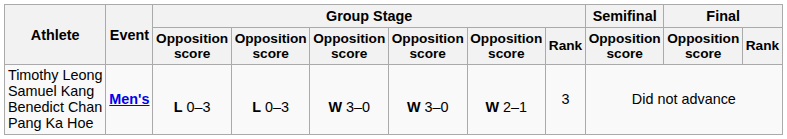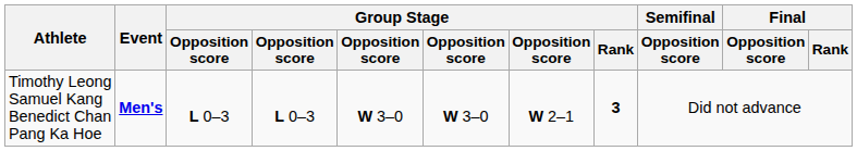 <table class=wikitable style=font-size:90%;text-align:center>
 <tr>
 <th rowspan="2">Athlete</th>
 <th rowspan="2">Event</th>
 <th colspan="6">Group Stage</th>
 <th>Semifinal</th>
 <th colspan="2">Final</th>
 </tr>
 <tr style="font-size:95%">
 <th>Opposition<br>score</th>
 <th>Opposition<br>score</th>
 <th>Opposition<br>score</th>
 <th>Opposition<br>score</th>
 <th>Opposition<br>score</th>
 <th>Rank</th>
 <th>Opposition<br>score</th>
 <th>Opposition<br>score</th>
 <th>Rank</th>
 </tr>
 <tr>
 <td align=left>Timothy Leong<br>Samuel Kang<br>Benedict Chan<br>Pang Ka Hoe</td>
 <td align=left><strong><a href='#'>Men's</a></strong></td>
 <td><br><strong>L</strong> 0–3</td>
 <td><br><strong>L</strong> 0–3</td>
 <td><br><strong>W</strong> 3–0</td>
 <td><br><strong>W</strong> 3–0</td>
 <td><br><strong>W</strong> 2–1</td>
-<td>3</td>
+<td><strong>3</strong></td>
 <td colspan=3>Did not advance</td>
 </tr>
 </table>
